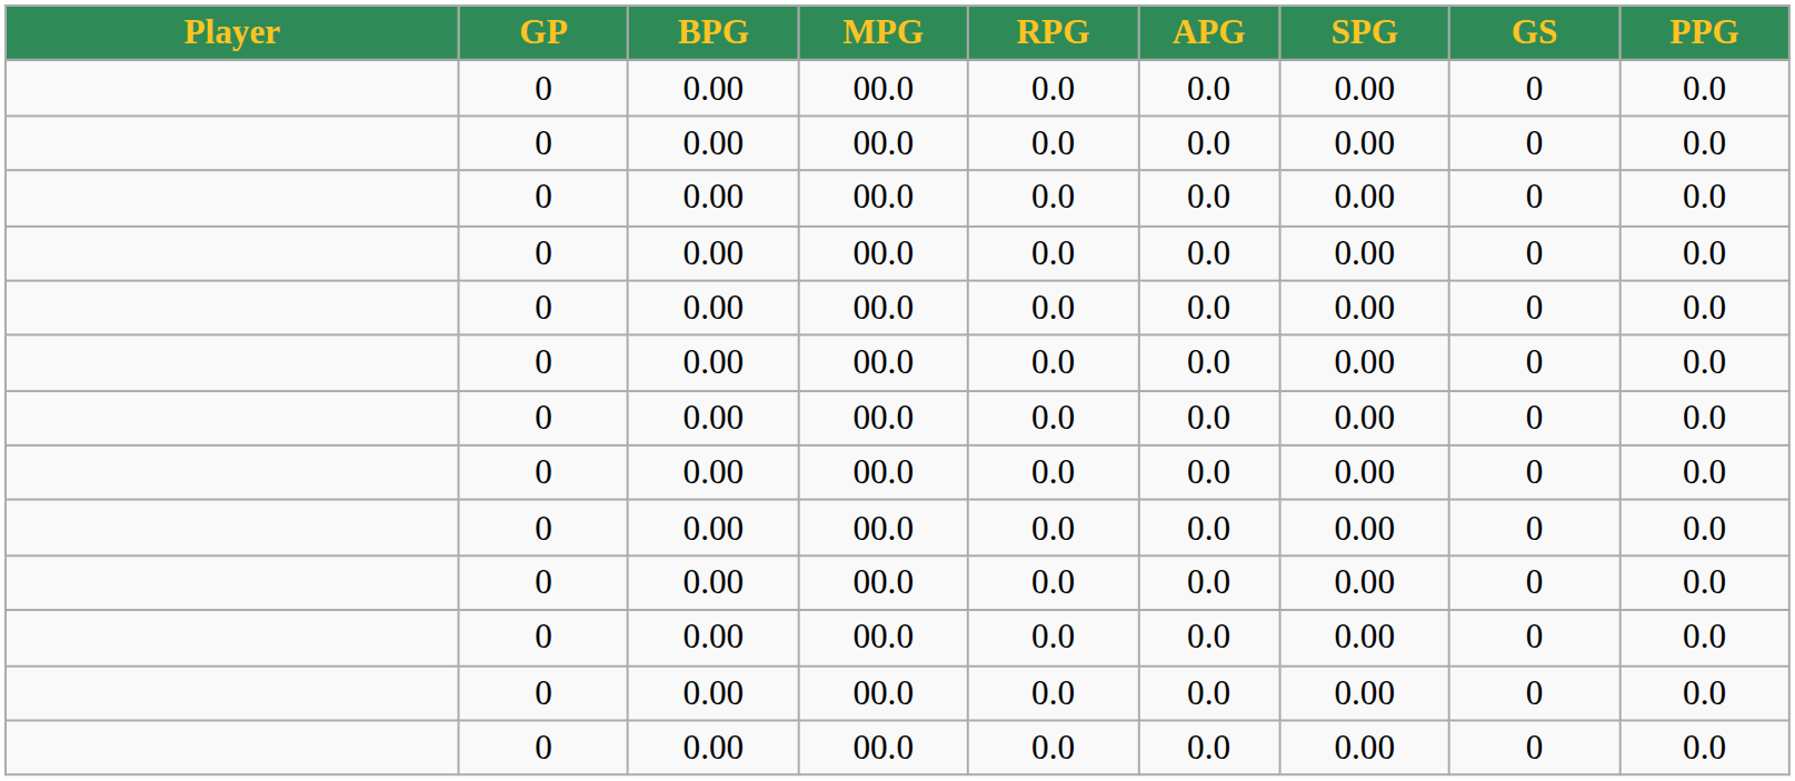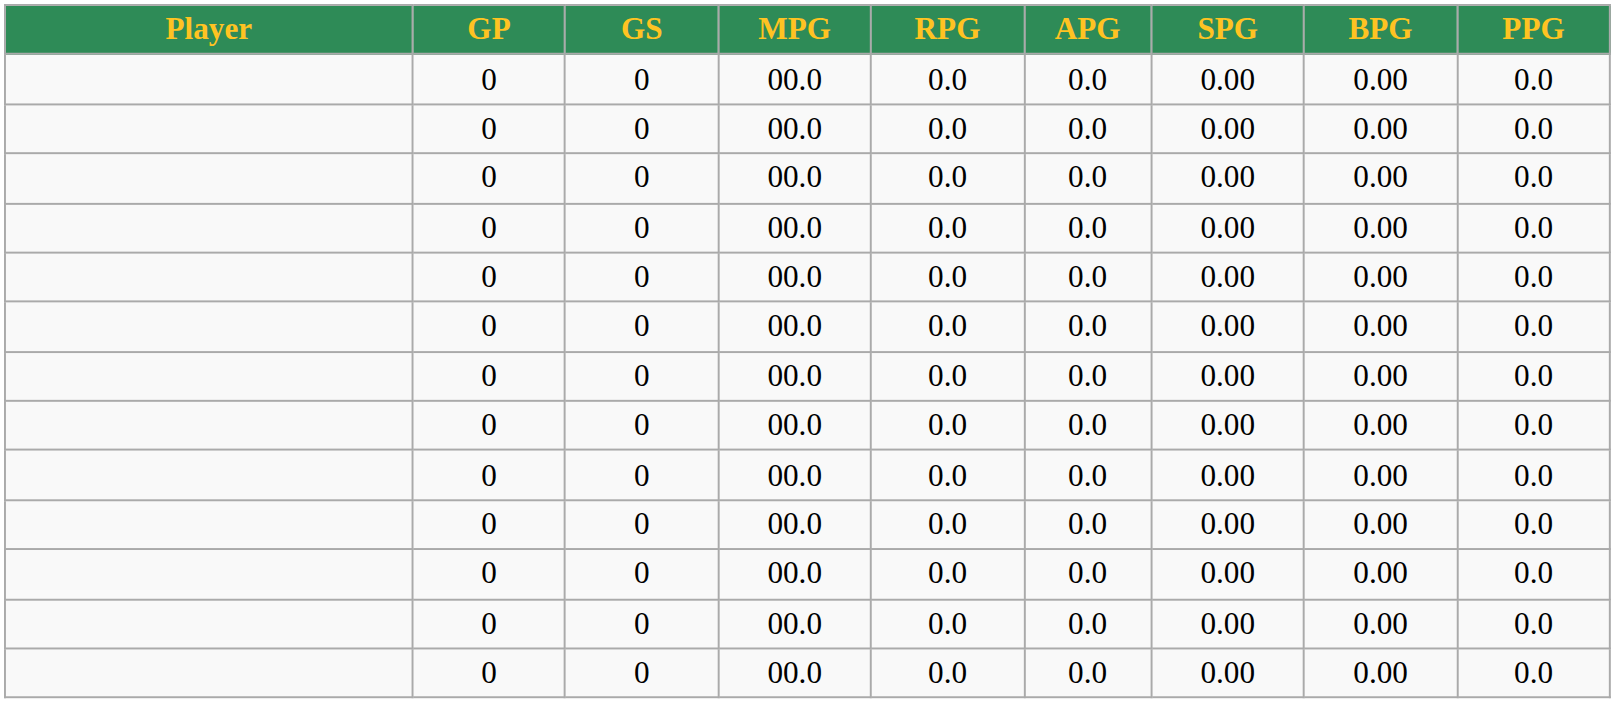 <table class="wikitable sortable" style="text-align:center;">
 <tr>
 <th style="background:#2E8B57;color:#ffc322;" width="16%">Player</th>
 <th style="background:#2E8B57;color:#ffc322;" width="6%">GP</th>
-<th style="background:#2E8B57;color:#ffc322;" width="6%">BPG</th>
+<th style="background:#2E8B57;color:#ffc322;" width="6%">GS</th>
 <th style="background:#2E8B57;color:#ffc322;" width="6%">MPG</th>
 <th style="background:#2E8B57;color:#ffc322;" width="6%">RPG</th>
 <th style="background:#2E8B57;color:#ffc322;" width="5%">APG</th>
 <th style="background:#2E8B57;color:#ffc322;" width="6%">SPG</th>
-<th style="background:#2E8B57;color:#ffc322;" width="6%">GS</th>
+<th style="background:#2E8B57;color:#ffc322;" width="6%">BPG</th>
 <th style="background:#2E8B57;color:#ffc322;" width="6%">PPG</th>
 </tr>
 <tr>
 <td></td>
 <td>0</td>
-<td>0.00</td>
+<td>0</td>
 <td>00.0</td>
 <td>0.0</td>
 <td>0.0</td>
 <td>0.00</td>
-<td>0</td>
+<td>0.00</td>
 <td>0.0</td>
 </tr>
 <tr>
 <td></td>
 <td>0</td>
-<td>0.00</td>
+<td>0</td>
 <td>00.0</td>
 <td>0.0</td>
 <td>0.0</td>
 <td>0.00</td>
-<td>0</td>
+<td>0.00</td>
 <td>0.0</td>
 </tr>
 <tr>
 <td></td>
 <td>0</td>
-<td>0.00</td>
+<td>0</td>
 <td>00.0</td>
 <td>0.0</td>
 <td>0.0</td>
 <td>0.00</td>
-<td>0</td>
+<td>0.00</td>
 <td>0.0</td>
 </tr>
 <tr>
 <td></td>
 <td>0</td>
-<td>0.00</td>
+<td>0</td>
 <td>00.0</td>
 <td>0.0</td>
 <td>0.0</td>
 <td>0.00</td>
-<td>0</td>
+<td>0.00</td>
 <td>0.0</td>
 </tr>
 <tr>
 <td></td>
 <td>0</td>
-<td>0.00</td>
+<td>0</td>
 <td>00.0</td>
 <td>0.0</td>
 <td>0.0</td>
 <td>0.00</td>
-<td>0</td>
+<td>0.00</td>
 <td>0.0</td>
 </tr>
 <tr>
 <td></td>
 <td>0</td>
-<td>0.00</td>
+<td>0</td>
 <td>00.0</td>
 <td>0.0</td>
 <td>0.0</td>
 <td>0.00</td>
-<td>0</td>
+<td>0.00</td>
 <td>0.0</td>
 </tr>
 <tr>
 <td></td>
 <td>0</td>
-<td>0.00</td>
+<td>0</td>
 <td>00.0</td>
 <td>0.0</td>
 <td>0.0</td>
 <td>0.00</td>
-<td>0</td>
+<td>0.00</td>
 <td>0.0</td>
 </tr>
 <tr>
 <td></td>
 <td>0</td>
-<td>0.00</td>
+<td>0</td>
 <td>00.0</td>
 <td>0.0</td>
 <td>0.0</td>
 <td>0.00</td>
-<td>0</td>
+<td>0.00</td>
 <td>0.0</td>
 </tr>
 <tr>
 <td></td>
 <td>0</td>
-<td>0.00</td>
+<td>0</td>
 <td>00.0</td>
 <td>0.0</td>
 <td>0.0</td>
 <td>0.00</td>
-<td>0</td>
+<td>0.00</td>
 <td>0.0</td>
 </tr>
 <tr>
 <td></td>
 <td>0</td>
-<td>0.00</td>
+<td>0</td>
 <td>00.0</td>
 <td>0.0</td>
 <td>0.0</td>
 <td>0.00</td>
-<td>0</td>
+<td>0.00</td>
 <td>0.0</td>
 </tr>
 <tr>
 <td></td>
 <td>0</td>
-<td>0.00</td>
+<td>0</td>
 <td>00.0</td>
 <td>0.0</td>
 <td>0.0</td>
 <td>0.00</td>
-<td>0</td>
+<td>0.00</td>
 <td>0.0</td>
 </tr>
 <tr>
 <td></td>
 <td>0</td>
-<td>0.00</td>
+<td>0</td>
 <td>00.0</td>
 <td>0.0</td>
 <td>0.0</td>
 <td>0.00</td>
-<td>0</td>
+<td>0.00</td>
 <td>0.0</td>
 </tr>
 <tr>
 <td></td>
 <td>0</td>
-<td>0.00</td>
+<td>0</td>
 <td>00.0</td>
 <td>0.0</td>
 <td>0.0</td>
 <td>0.00</td>
-<td>0</td>
+<td>0.00</td>
 <td>0.0</td>
 </tr>
 </table>
